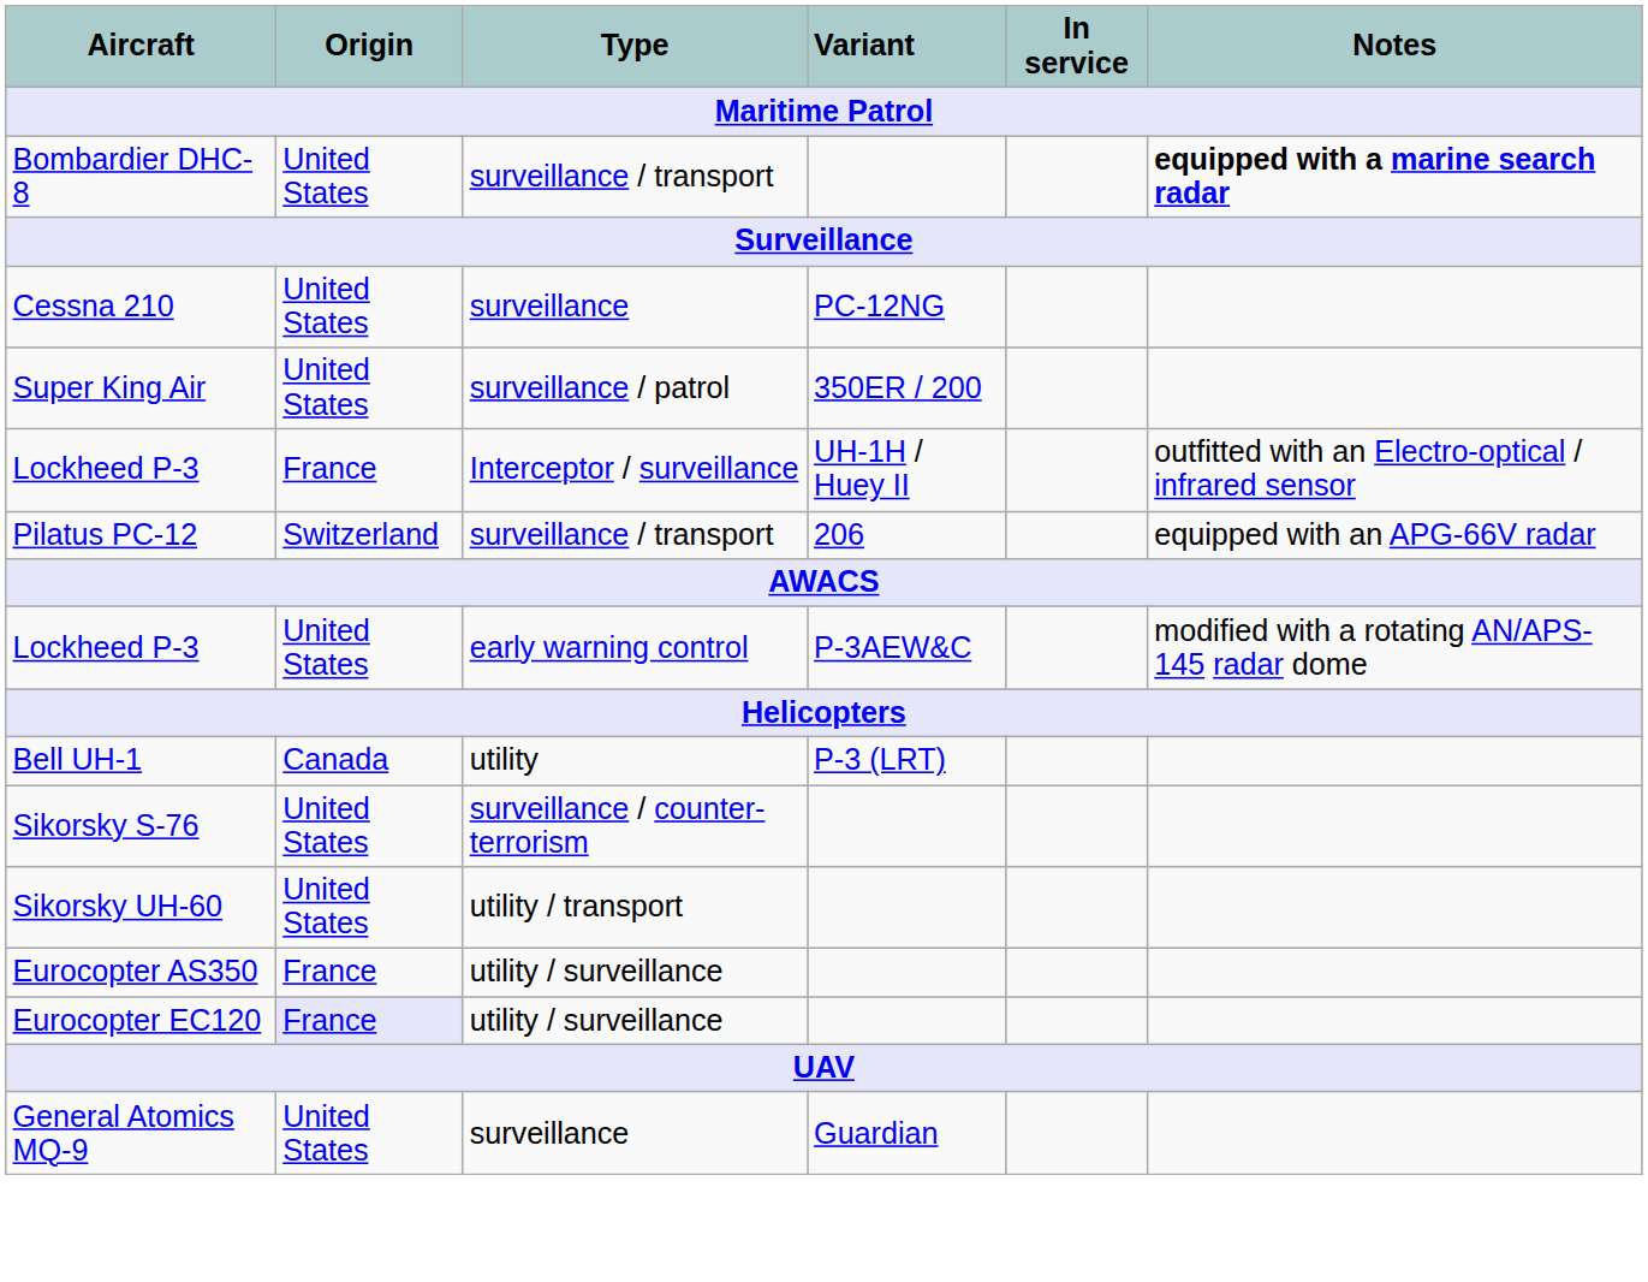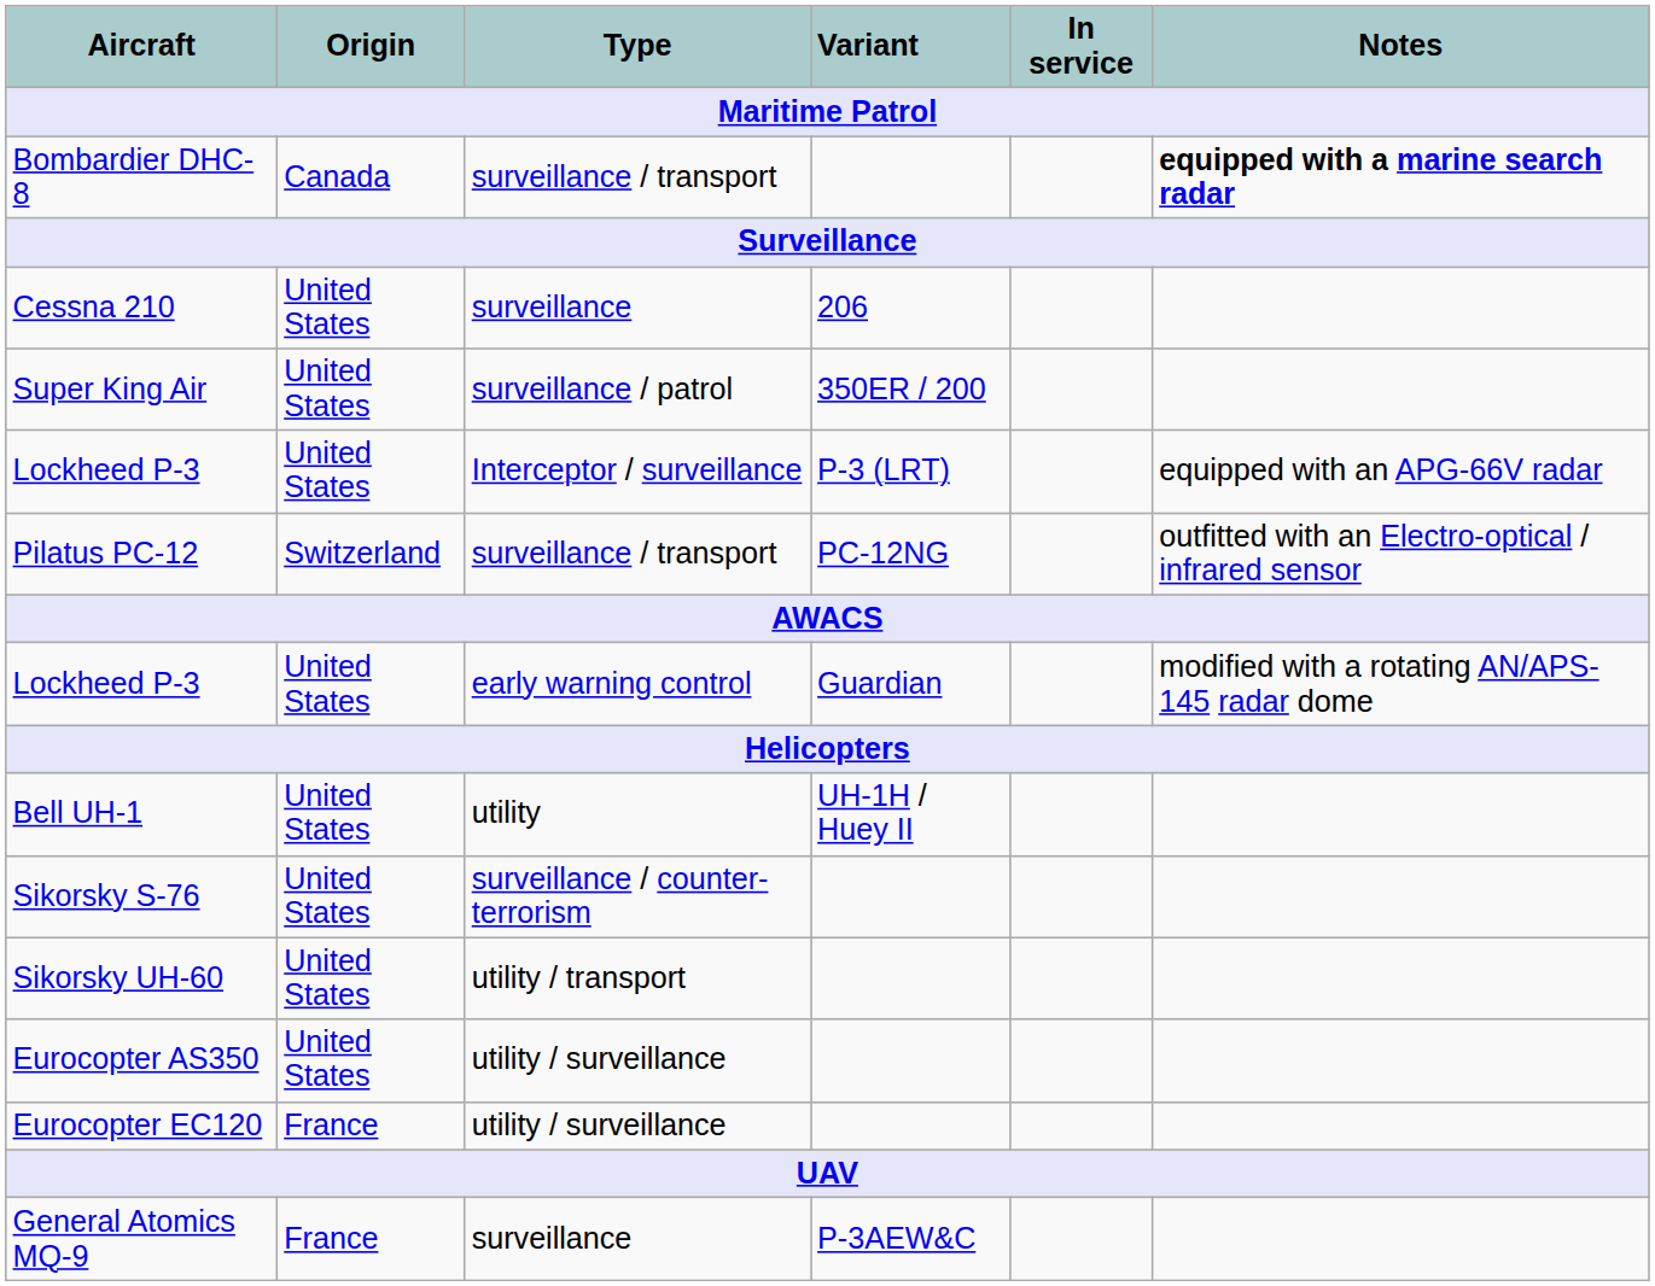 <table class="wikitable">
 <tr>
 <th style="text-align:center; background:#acc;">Aircraft</th>
 <th style="text-align: center; background:#acc;">Origin</th>
 <th style="text-align:l center; background:#acc;">Type</th>
 <th style="text-align:left; background:#acc;">Variant</th>
 <th style="text-align:center; background:#acc;">In service</th>
 <th style="text-align: center; background:#acc;">Notes</th>
 </tr>
 <tr>
 <th style="align: center; background: lavender;" colspan="7"><a href='#'>Maritime Patrol</a></th>
 </tr>
 <tr>
 <td><a href='#'>Bombardier DHC-8</a></td>
-<td><a href='#'>United States</a></td>
+<td><a href='#'>Canada</a></td>
 <td><a href='#'>surveillance</a> / transport</td>
 <td></td>
 <td></td>
 <td><strong>equipped with a <a href='#'>marine search radar</a></strong></td>
 </tr>
 <tr>
 <th style="align: center; background: lavender;" colspan="7"><a href='#'>Surveillance</a></th>
 </tr>
 <tr>
 <td><a href='#'>Cessna 210</a></td>
 <td><a href='#'>United States</a></td>
 <td><a href='#'>surveillance</a></td>
-<td><a href='#'>PC-12NG</a></td>
+<td><a href='#'>206</a></td>
 <td></td>
 <td></td>
 </tr>
 <tr>
 <td><a href='#'>Super King Air</a></td>
 <td><a href='#'>United States</a></td>
 <td><a href='#'>surveillance</a> / patrol</td>
 <td><a href='#'>350ER / 200</a></td>
 <td></td>
 <td></td>
 </tr>
 <tr>
 <td><a href='#'>Lockheed P-3</a></td>
-<td><a href='#'>France</a></td>
+<td><a href='#'>United States</a></td>
 <td><a href='#'>Interceptor</a> / <a href='#'>surveillance</a></td>
-<td><a href='#'>UH-1H</a> / <a href='#'>Huey II</a></td>
+<td><a href='#'>P-3 (LRT)</a></td>
 <td></td>
-<td>outfitted with an <a href='#'>Electro-optical</a> / <a href='#'>infrared sensor</a></td>
+<td>equipped with an <a href='#'>APG-66V radar</a></td>
 </tr>
 <tr>
 <td><a href='#'>Pilatus PC-12</a></td>
 <td><a href='#'>Switzerland</a></td>
 <td><a href='#'>surveillance</a> / transport</td>
-<td><a href='#'>206</a></td>
+<td><a href='#'>PC-12NG</a></td>
 <td></td>
-<td>equipped with an <a href='#'>APG-66V radar</a></td>
+<td>outfitted with an <a href='#'>Electro-optical</a> / <a href='#'>infrared sensor</a></td>
 </tr>
 <tr>
 <th style="align: center; background: lavender;" colspan="7"><a href='#'>AWACS</a></th>
 </tr>
 <tr>
 <td><a href='#'>Lockheed P-3</a></td>
 <td><a href='#'>United States</a></td>
 <td><a href='#'>early warning control</a></td>
-<td><a href='#'>P-3AEW&C</a></td>
+<td><a href='#'>Guardian</a></td>
 <td></td>
 <td>modified with a rotating <a href='#'>AN/APS-145</a> <a href='#'>radar</a> dome</td>
 </tr>
 <tr>
 <th style="align: center; background: lavender;" colspan="7"><a href='#'>Helicopters</a></th>
 </tr>
 <tr>
 <td><a href='#'>Bell UH-1</a></td>
-<td><a href='#'>Canada</a></td>
+<td><a href='#'>United States</a></td>
 <td>utility</td>
-<td><a href='#'>P-3 (LRT)</a></td>
+<td><a href='#'>UH-1H</a> / <a href='#'>Huey II</a></td>
 <td></td>
 <td></td>
 </tr>
 <tr>
 <td><a href='#'>Sikorsky S-76</a></td>
 <td><a href='#'>United States</a></td>
 <td><a href='#'>surveillance</a> / <a href='#'>counter-terrorism</a></td>
 <td></td>
 <td></td>
 <td></td>
 </tr>
 <tr>
 <td><a href='#'>Sikorsky UH-60</a></td>
 <td><a href='#'>United States</a></td>
 <td>utility / transport</td>
 <td></td>
 <td></td>
 <td></td>
 </tr>
 <tr>
 <td><a href='#'>Eurocopter AS350</a></td>
-<td><a href='#'>France</a></td>
+<td><a href='#'>United States</a></td>
 <td>utility / surveillance</td>
 <td></td>
 <td></td>
 <td></td>
 </tr>
 <tr>
 <td><a href='#'>Eurocopter EC120</a></td>
-<td style="background: lavender;"><a href='#'>France</a></td>
+<td><a href='#'>France</a></td>
 <td>utility / surveillance</td>
 <td></td>
 <td></td>
 <td></td>
 </tr>
 <tr>
 <th style="align: center; background: lavender;" colspan="7"><a href='#'>UAV</a></th>
 </tr>
 <tr>
 <td><a href='#'>General Atomics MQ-9</a></td>
-<td><a href='#'>United States</a></td>
+<td><a href='#'>France</a></td>
 <td>surveillance</td>
-<td><a href='#'>Guardian</a></td>
+<td><a href='#'>P-3AEW&C</a></td>
 <td></td>
 <td></td>
 </tr>
 </table>
